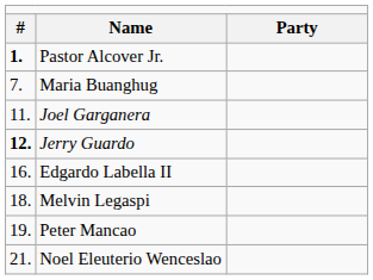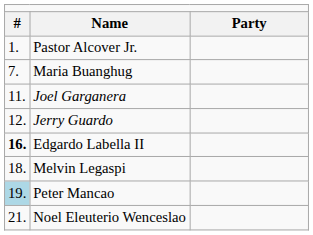 <table class=wikitable style="font-size:90%">
 <tr>
 <td colspan=4 bgcolor=></td>
 </tr>
 <tr>
 <th>#</th>
 <th width=150px>Name</th>
 <th colspan=2 width=110px>Party</th>
 </tr>
 <tr>
-<td><strong>1.</strong></td>
+<td>1.</td>
 <td>Pastor Alcover Jr.</td>
 <td></td>
 </tr>
 <tr>
 <td>7.</td>
 <td>Maria Buanghug</td>
 <td></td>
 </tr>
 <tr>
 <td>11.</td>
 <td><em>Joel Garganera</em></td>
 <td></td>
 </tr>
 <tr>
-<td><strong>12.</strong></td>
+<td>12.</td>
 <td><em>Jerry Guardo</em></td>
 <td></td>
 </tr>
 <tr>
-<td>16.</td>
+<td><strong>16.</strong></td>
 <td>Edgardo Labella II</td>
 <td></td>
 </tr>
 <tr>
 <td>18.</td>
 <td>Melvin Legaspi</td>
 <td></td>
 </tr>
 <tr>
-<td>19.</td>
+<td style="background: lightblue;">19.</td>
 <td>Peter Mancao</td>
 <td></td>
 </tr>
 <tr>
 <td>21.</td>
 <td>Noel Eleuterio Wenceslao</td>
 <td></td>
 </tr>
 </table>
